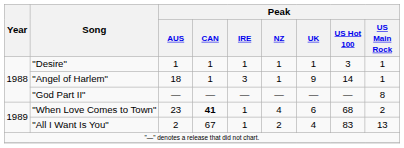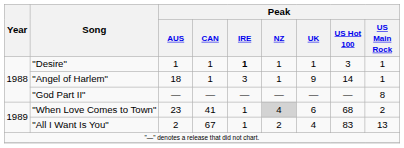 <table class="wikitable">
 <tr>
 <th rowspan="2">Year</th>
 <th rowspan="2">Song</th>
 <th colspan="7">Peak</th>
 </tr>
 <tr>
 <th width="50"><small><a href='#'>AUS</a></small><br></th>
 <th width="50"><small><a href='#'>CAN</a></small><br></th>
 <th width="50"><small><a href='#'>IRE</a></small><br></th>
 <th width="50"><small><a href='#'>NZ</a></small><br></th>
 <th width="50"><small><a href='#'>UK</a></small><br></th>
 <th width="50"><small><a href='#'>US Hot 100</a></small><br></th>
 <th width="50"><small><a href='#'>US Main Rock</a></small><br></th>
 </tr>
 <tr>
 <td rowspan="3">1988</td>
 <td>"Desire"</td>
 <td align="center">1</td>
 <td align="center">1</td>
-<td align="center">1</td>
+<td align="center"><strong>1</strong></td>
 <td align="center">1</td>
 <td align="center">1</td>
 <td align="center">3</td>
 <td align="center">1</td>
 </tr>
 <tr>
 <td>"Angel of Harlem"</td>
 <td align="center">18</td>
 <td align="center">1</td>
 <td align="center">3</td>
 <td align="center">1</td>
 <td align="center">9</td>
 <td align="center">14</td>
 <td align="center">1</td>
 </tr>
 <tr>
 <td>"God Part II"</td>
 <td align="center">—</td>
 <td align="center">—</td>
 <td align="center">—</td>
 <td align="center">—</td>
 <td align="center">—</td>
 <td align="center">—</td>
 <td align="center">8</td>
 </tr>
 <tr>
 <td rowspan="2">1989</td>
 <td>"When Love Comes to Town"</td>
 <td align="center">23</td>
-<td align="center"><strong>41</strong></td>
+<td align="center">41</td>
 <td align="center">1</td>
-<td align="center">4</td>
+<td align="center" style="background: lightgrey;">4</td>
 <td align="center">6</td>
 <td align="center">68</td>
 <td align="center">2</td>
 </tr>
 <tr>
 <td>"All I Want Is You"</td>
 <td align="center">2</td>
 <td align="center">67</td>
 <td align="center">1</td>
 <td align="center">2</td>
 <td align="center">4</td>
 <td align="center">83</td>
 <td align="center">13</td>
 </tr>
 <tr>
 <td align="center" colspan="9" style="font-size: 8pt">"—" denotes a release that did not chart.</td>
 </tr>
 <tr>
 </tr>
 </table>
